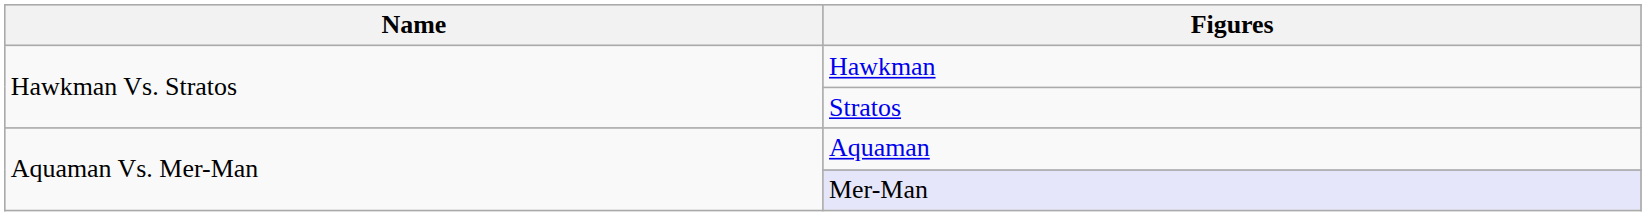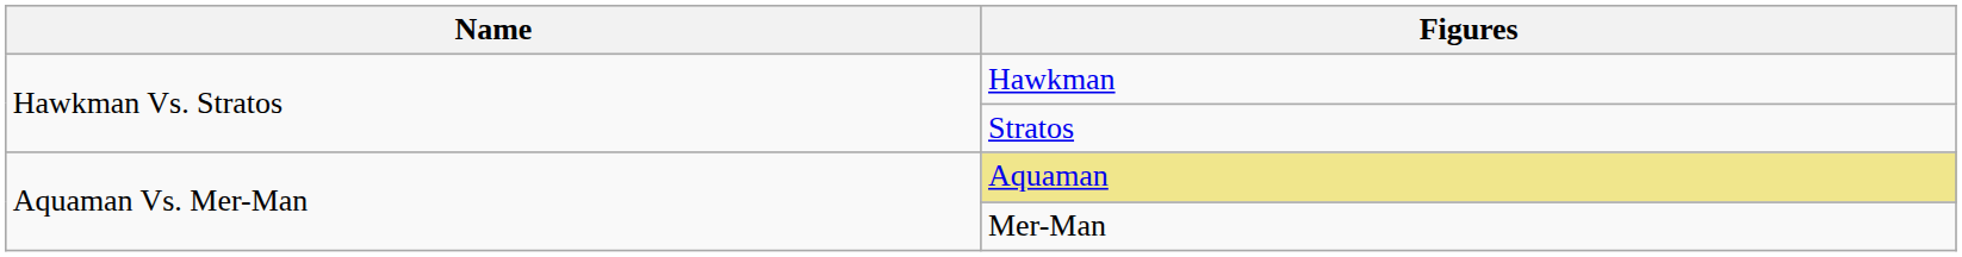 <table class="wikitable" style="width:80%;">
 <tr>
 <th width=20%><strong>Name</strong></th>
 <th width=20%><strong>Figures</strong></th>
 </tr>
 <tr>
 <td rowspan=2>Hawkman Vs. Stratos</td>
 <td><a href='#'>Hawkman</a></td>
 </tr>
 <tr>
 <td><a href='#'>Stratos</a></td>
 </tr>
 <tr>
 <td rowspan=2>Aquaman Vs. Mer-Man</td>
-<td><a href='#'>Aquaman</a></td>
+<td style="background: khaki;"><a href='#'>Aquaman</a></td>
 </tr>
 <tr>
-<td style="background: lavender;">Mer-Man</td>
+<td>Mer-Man</td>
 </tr>
 </table>
